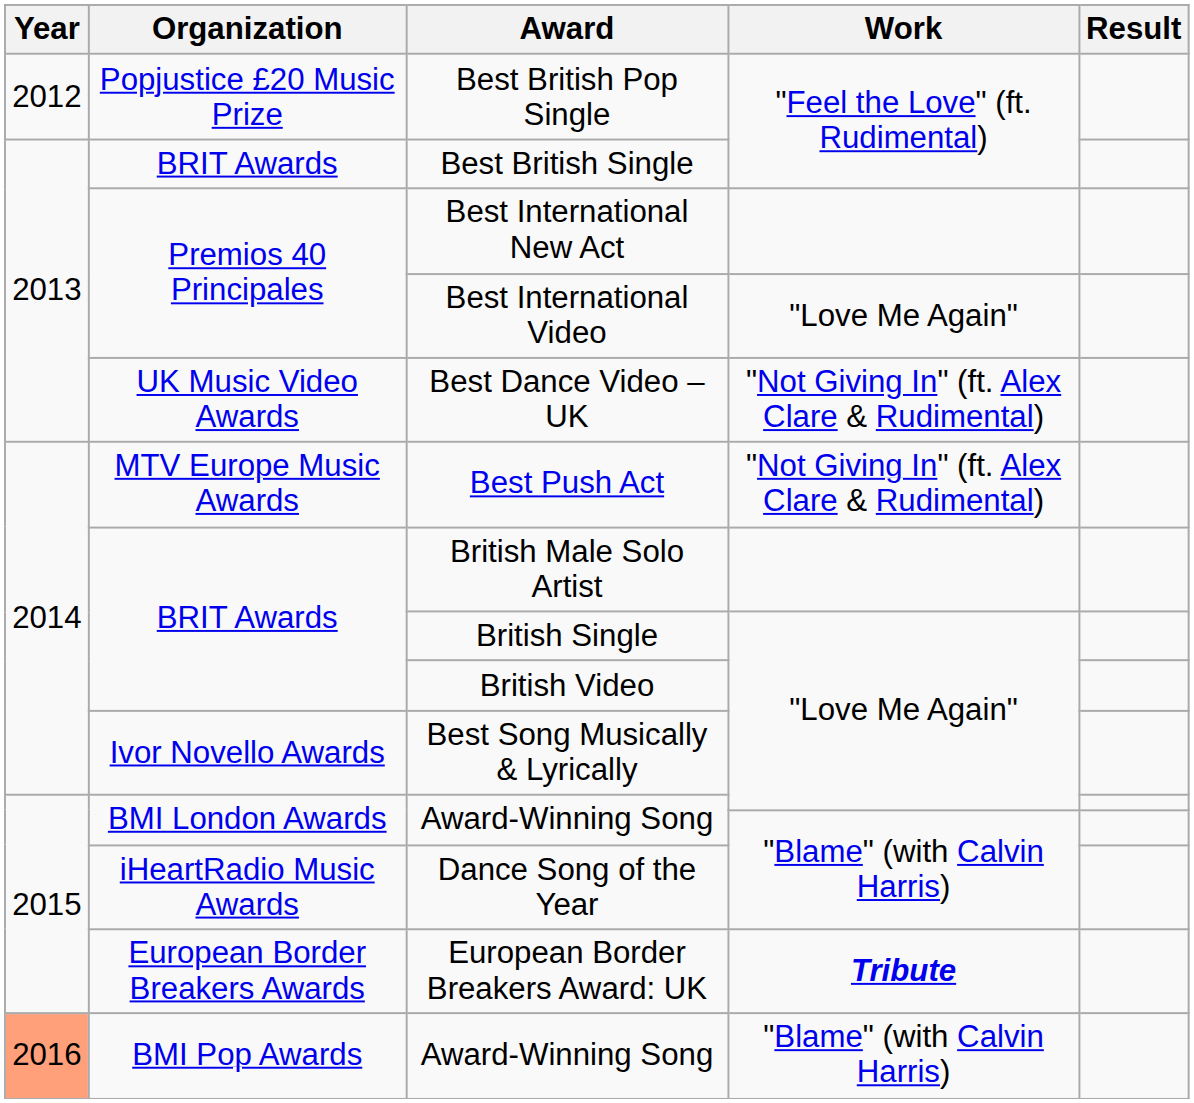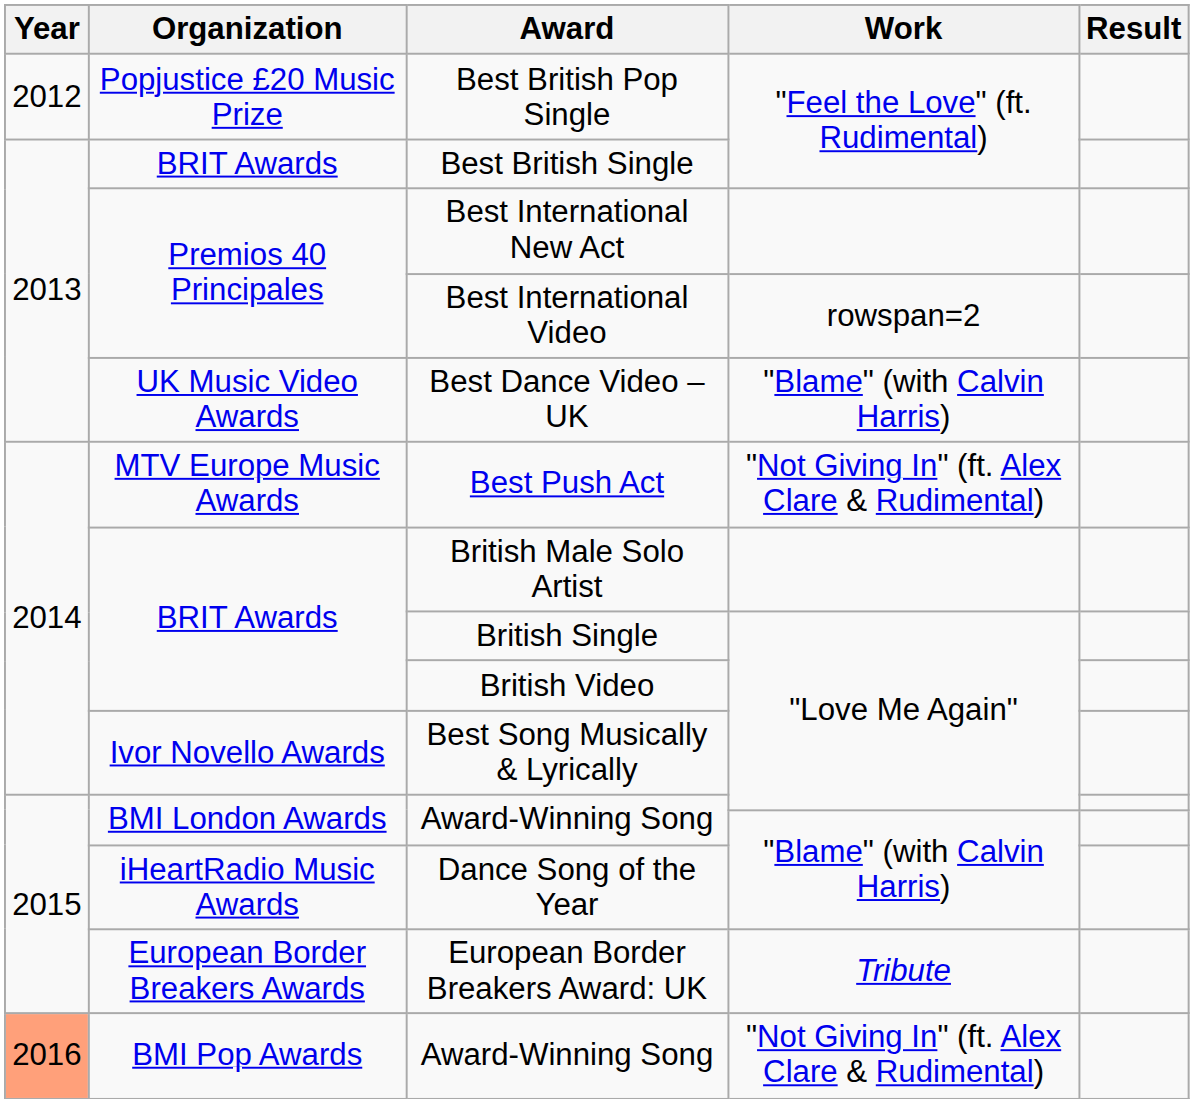 <table class="wikitable plainrowheaders" style="text-align:center;">
 <tr>
 <th>Year</th>
 <th>Organization</th>
 <th>Award</th>
 <th>Work</th>
 <th>Result</th>
 </tr>
 <tr>
 <td>2012</td>
 <td><a href='#'>Popjustice £20 Music Prize</a></td>
 <td>Best British Pop Single</td>
 <td rowspan=2>"<a href='#'>Feel the Love</a>" (ft. <a href='#'>Rudimental</a>)</td>
 <td></td>
 </tr>
 <tr>
 <td rowspan="4">2013</td>
 <td><a href='#'>BRIT Awards</a></td>
 <td>Best British Single</td>
 <td></td>
 </tr>
 <tr>
 <td rowspan="2"><a href='#'>Premios 40 Principales</a></td>
 <td>Best International New Act</td>
 <td></td>
 <td></td>
 </tr>
 <tr>
 <td>Best International Video</td>
-<td>"Love Me Again"</td>
+<td>rowspan=2 </td>
 <td></td>
 </tr>
 <tr>
 <td><a href='#'>UK Music Video Awards</a></td>
 <td>Best Dance Video – UK</td>
-<td>"<a href='#'>Not Giving In</a>" (ft. <a href='#'>Alex Clare</a> & <a href='#'>Rudimental</a>)</td>
+<td>"<a href='#'>Blame</a>" (with <a href='#'>Calvin Harris</a>)</td>
 <td></td>
 </tr>
 <tr>
 <td rowspan="5">2014</td>
 <td><a href='#'>MTV Europe Music Awards</a></td>
 <td><a href='#'>Best Push Act</a></td>
 <td>"<a href='#'>Not Giving In</a>" (ft. <a href='#'>Alex Clare</a> & <a href='#'>Rudimental</a>)</td>
 <td></td>
 </tr>
 <tr>
 <td rowspan="3"><a href='#'>BRIT Awards</a></td>
 <td>British Male Solo Artist</td>
 <td></td>
 </tr>
 <tr>
 <td>British Single</td>
 <td rowspan="4">"Love Me Again"</td>
 <td></td>
 </tr>
 <tr>
 <td>British Video</td>
 <td></td>
 </tr>
 <tr>
 <td><a href='#'>Ivor Novello Awards</a></td>
 <td>Best Song Musically & Lyrically</td>
 <td></td>
 </tr>
 <tr>
 <td rowspan=4>2015</td>
 <td rowspan=2><a href='#'>BMI London Awards</a></td>
 <td rowspan=2>Award-Winning Song</td>
 <td></td>
 </tr>
 <tr>
 <td rowspan=2>"<a href='#'>Blame</a>" (with <a href='#'>Calvin Harris</a>)</td>
 <td></td>
 </tr>
 <tr>
 <td><a href='#'>iHeartRadio Music Awards</a></td>
 <td>Dance Song of the Year</td>
 <td></td>
 </tr>
 <tr>
 <td><a href='#'>European Border Breakers Awards</a></td>
 <td>European Border Breakers Award: UK</td>
-<td><strong><em><a href='#'>Tribute</a></em></strong></td>
+<td><em><a href='#'>Tribute</a></em></td>
 <td></td>
 </tr>
 <tr>
 <td style="background: lightsalmon;">2016</td>
 <td><a href='#'>BMI Pop Awards</a></td>
 <td>Award-Winning Song</td>
-<td>"<a href='#'>Blame</a>" (with <a href='#'>Calvin Harris</a>)</td>
+<td>"<a href='#'>Not Giving In</a>" (ft. <a href='#'>Alex Clare</a> & <a href='#'>Rudimental</a>)</td>
 <td></td>
 </tr>
 </table>
